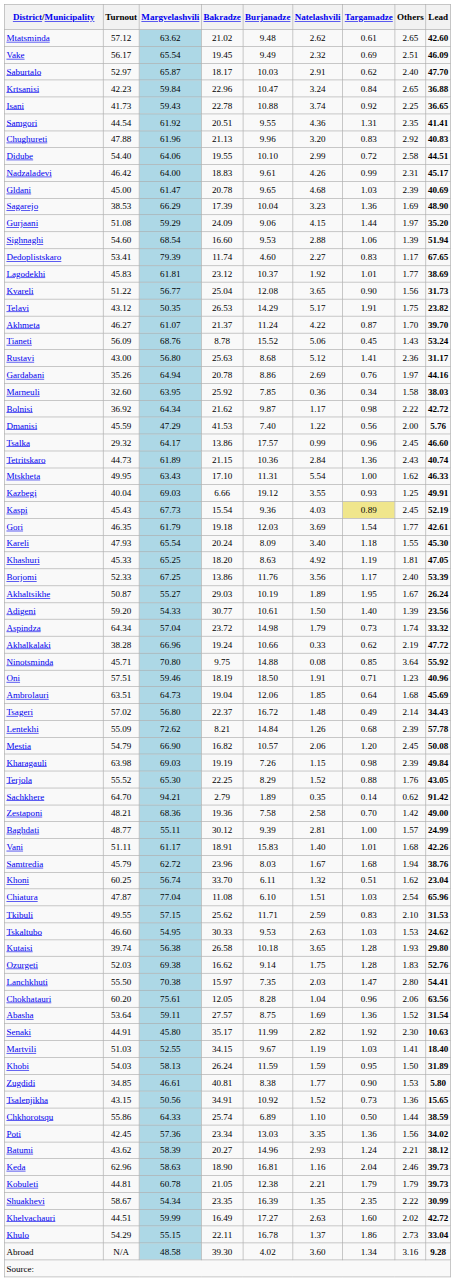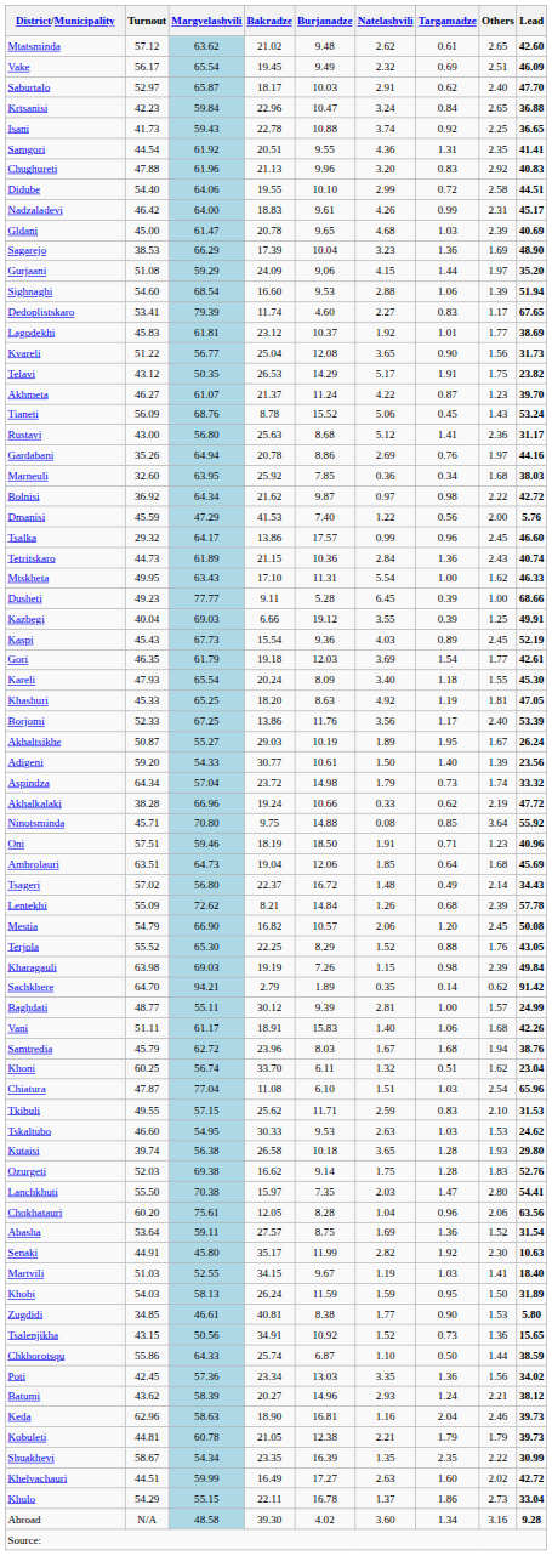 <table class="wikitable sortable" style="text-align:center;font-size:90%;line-height:20px">
 <tr style="height:40px;">
 <th style="width:150px;"><a href='#'>District</a>/<a href='#'>Municipality</a></th>
 <th style="width:40px;">Turnout</th>
 <th style="width:40px;"><a href='#'>Margvelashvili</a></th>
 <th style="width:40px;"><a href='#'>Bakradze</a></th>
 <th style="width:40px;"><a href='#'>Burjanadze</a></th>
 <th style="width:40px;"><a href='#'>Natelashvili</a></th>
 <th style="width:40px;"><a href='#'>Targamadze</a></th>
 <th style="width:40px;">Others</th>
 <th style="width:30px;">Lead</th>
 </tr>
 <tr>
 <td align="left"><a href='#'>Mtatsminda</a></td>
 <td>57.12</td>
 <td style="background:#ADD8E6;">63.62</td>
 <td>21.02</td>
 <td>9.48</td>
 <td>2.62</td>
 <td>0.61</td>
 <td>2.65</td>
 <td style="background:"><strong>42.60</strong></td>
 </tr>
 <tr>
 <td align="left"><a href='#'>Vake</a></td>
 <td>56.17</td>
 <td style="background:#ADD8E6;">65.54</td>
 <td>19.45</td>
 <td>9.49</td>
 <td>2.32</td>
 <td>0.69</td>
 <td>2.51</td>
 <td style="background:"><strong>46.09</strong></td>
 </tr>
 <tr>
 <td align="left"><a href='#'>Saburtalo</a></td>
 <td>52.97</td>
 <td style="background:#ADD8E6;">65.87</td>
 <td>18.17</td>
 <td>10.03</td>
 <td>2.91</td>
 <td>0.62</td>
 <td>2.40</td>
 <td style="background:"><strong>47.70</strong></td>
 </tr>
 <tr>
 <td align="left"><a href='#'>Krtsanisi</a></td>
 <td>42.23</td>
 <td style="background:#ADD8E6;">59.84</td>
 <td>22.96</td>
 <td>10.47</td>
 <td>3.24</td>
 <td>0.84</td>
 <td>2.65</td>
 <td style="background:"><strong>36.88</strong></td>
 </tr>
 <tr>
 <td align="left"><a href='#'>Isani</a></td>
 <td>41.73</td>
 <td style="background:#ADD8E6;">59.43</td>
 <td>22.78</td>
 <td>10.88</td>
 <td>3.74</td>
 <td>0.92</td>
 <td>2.25</td>
 <td style="background:"><strong>36.65</strong></td>
 </tr>
 <tr>
 <td align="left"><a href='#'>Samgori</a></td>
 <td>44.54</td>
 <td style="background:#ADD8E6;">61.92</td>
 <td>20.51</td>
 <td>9.55</td>
 <td>4.36</td>
 <td>1.31</td>
 <td>2.35</td>
 <td style="background:"><strong>41.41</strong></td>
 </tr>
 <tr>
 <td align="left"><a href='#'>Chughureti</a></td>
 <td>47.88</td>
 <td style="background:#ADD8E6;">61.96</td>
 <td>21.13</td>
 <td>9.96</td>
 <td>3.20</td>
 <td>0.83</td>
 <td>2.92</td>
 <td style="background:"><strong>40.83</strong></td>
 </tr>
 <tr>
 <td align="left"><a href='#'>Didube</a></td>
 <td>54.40</td>
 <td style="background:#ADD8E6;">64.06</td>
 <td>19.55</td>
 <td>10.10</td>
 <td>2.99</td>
 <td>0.72</td>
 <td>2.58</td>
 <td style="background:"><strong>44.51</strong></td>
 </tr>
 <tr>
 <td align="left"><a href='#'>Nadzaladevi</a></td>
 <td>46.42</td>
 <td style="background:#ADD8E6;">64.00</td>
 <td>18.83</td>
 <td>9.61</td>
 <td>4.26</td>
 <td>0.99</td>
 <td>2.31</td>
 <td style="background:"><strong>45.17</strong></td>
 </tr>
 <tr>
 <td align="left"><a href='#'>Gldani</a></td>
 <td>45.00</td>
 <td style="background:#ADD8E6;">61.47</td>
 <td>20.78</td>
 <td>9.65</td>
 <td>4.68</td>
 <td>1.03</td>
 <td>2.39</td>
 <td style="background:"><strong>40.69</strong></td>
 </tr>
 <tr>
 <td align="left"><a href='#'>Sagarejo</a></td>
 <td>38.53</td>
 <td style="background:#ADD8E6;">66.29</td>
 <td>17.39</td>
 <td>10.04</td>
 <td>3.23</td>
 <td>1.36</td>
 <td>1.69</td>
 <td style="background:"><strong>48.90</strong></td>
 </tr>
 <tr>
 <td align="left"><a href='#'>Gurjaani</a></td>
 <td>51.08</td>
 <td style="background:#ADD8E6;">59.29</td>
 <td>24.09</td>
 <td>9.06</td>
 <td>4.15</td>
 <td>1.44</td>
 <td>1.97</td>
 <td style="background:"><strong>35.20</strong></td>
 </tr>
 <tr>
 <td align="left"><a href='#'>Sighnaghi</a></td>
 <td>54.60</td>
 <td style="background:#ADD8E6;">68.54</td>
 <td>16.60</td>
 <td>9.53</td>
 <td>2.88</td>
 <td>1.06</td>
 <td>1.39</td>
 <td style="background:"><strong>51.94</strong></td>
 </tr>
 <tr>
 <td align="left"><a href='#'>Dedoplistskaro</a></td>
 <td>53.41</td>
 <td style="background:#ADD8E6;">79.39</td>
 <td>11.74</td>
 <td>4.60</td>
 <td>2.27</td>
 <td>0.83</td>
 <td>1.17</td>
 <td style="background:"><strong>67.65</strong></td>
 </tr>
 <tr>
 <td align="left"><a href='#'>Lagodekhi</a></td>
 <td>45.83</td>
 <td style="background:#ADD8E6;">61.81</td>
 <td>23.12</td>
 <td>10.37</td>
 <td>1.92</td>
 <td>1.01</td>
 <td>1.77</td>
 <td style="background:"><strong>38.69</strong></td>
 </tr>
 <tr>
 <td align="left"><a href='#'>Kvareli</a></td>
 <td>51.22</td>
 <td style="background:#ADD8E6;">56.77</td>
 <td>25.04</td>
 <td>12.08</td>
 <td>3.65</td>
 <td>0.90</td>
 <td>1.56</td>
 <td style="background:"><strong>31.73</strong></td>
 </tr>
 <tr>
 <td align="left"><a href='#'>Telavi</a></td>
 <td>43.12</td>
 <td style="background:#ADD8E6;">50.35</td>
 <td>26.53</td>
 <td>14.29</td>
 <td>5.17</td>
 <td>1.91</td>
 <td>1.75</td>
 <td style="background:"><strong>23.82</strong></td>
 </tr>
 <tr>
 <td align="left"><a href='#'>Akhmeta</a></td>
 <td>46.27</td>
 <td style="background:#ADD8E6;">61.07</td>
 <td>21.37</td>
 <td>11.24</td>
 <td>4.22</td>
 <td>0.87</td>
-<td>1.70</td>
+<td>1.23</td>
 <td style="background:"><strong>39.70</strong></td>
 </tr>
 <tr>
 <td align="left"><a href='#'>Tianeti</a></td>
 <td>56.09</td>
 <td style="background:#ADD8E6;">68.76</td>
 <td>8.78</td>
 <td>15.52</td>
 <td>5.06</td>
 <td>0.45</td>
 <td>1.43</td>
 <td style="background:"><strong>53.24</strong></td>
 </tr>
 <tr>
 <td align="left"><a href='#'>Rustavi</a></td>
 <td>43.00</td>
 <td style="background:#ADD8E6;">56.80</td>
 <td>25.63</td>
 <td>8.68</td>
 <td>5.12</td>
 <td>1.41</td>
 <td>2.36</td>
 <td style="background:"><strong>31.17</strong></td>
 </tr>
 <tr>
 <td align="left"><a href='#'>Gardabani</a></td>
 <td>35.26</td>
 <td style="background:#ADD8E6;">64.94</td>
 <td>20.78</td>
 <td>8.86</td>
 <td>2.69</td>
 <td>0.76</td>
 <td>1.97</td>
 <td style="background:"><strong>44.16</strong></td>
 </tr>
 <tr>
 <td align="left"><a href='#'>Marneuli</a></td>
 <td>32.60</td>
 <td style="background:#ADD8E6;">63.95</td>
 <td>25.92</td>
 <td>7.85</td>
 <td>0.36</td>
 <td>0.34</td>
-<td>1.58</td>
+<td>1.68</td>
 <td style="background:"><strong>38.03</strong></td>
 </tr>
 <tr>
 <td align="left"><a href='#'>Bolnisi</a></td>
 <td>36.92</td>
 <td style="background:#ADD8E6;">64.34</td>
 <td>21.62</td>
 <td>9.87</td>
-<td>1.17</td>
+<td>0.97</td>
 <td>0.98</td>
 <td>2.22</td>
 <td style="background:"><strong>42.72</strong></td>
 </tr>
 <tr>
 <td align="left"><a href='#'>Dmanisi</a></td>
 <td>45.59</td>
 <td style="background:#ADD8E6;">47.29</td>
 <td>41.53</td>
 <td>7.40</td>
 <td>1.22</td>
 <td>0.56</td>
 <td>2.00</td>
 <td style="background:"><strong>5.76</strong></td>
 </tr>
 <tr>
 <td align="left"><a href='#'>Tsalka</a></td>
 <td>29.32</td>
 <td style="background:#ADD8E6;">64.17</td>
 <td>13.86</td>
 <td>17.57</td>
 <td>0.99</td>
 <td>0.96</td>
 <td>2.45</td>
 <td style="background:"><strong>46.60</strong></td>
 </tr>
 <tr>
 <td align="left"><a href='#'>Tetritskaro</a></td>
 <td>44.73</td>
 <td style="background:#ADD8E6;">61.89</td>
 <td>21.15</td>
 <td>10.36</td>
 <td>2.84</td>
 <td>1.36</td>
 <td>2.43</td>
 <td style="background:"><strong>40.74</strong></td>
 </tr>
 <tr>
 <td align="left"><a href='#'>Mtskheta</a></td>
 <td>49.95</td>
 <td style="background:#ADD8E6;">63.43</td>
 <td>17.10</td>
 <td>11.31</td>
 <td>5.54</td>
 <td>1.00</td>
 <td>1.62</td>
 <td style="background:"><strong>46.33</strong></td>
 </tr>
 <tr>
+<td align="left"><a href='#'>Dusheti</a></td>
+<td>49.23</td>
+<td style="background:#ADD8E6;">77.77</td>
+<td>9.11</td>
+<td>5.28</td>
+<td>6.45</td>
+<td>0.39</td>
+<td>1.00</td>
+<td style="background:"><strong>68.66</strong></td>
+</tr>
+<tr>
 <td align="left"><a href='#'>Kazbegi</a></td>
 <td>40.04</td>
 <td style="background:#ADD8E6;">69.03</td>
 <td>6.66</td>
 <td>19.12</td>
 <td>3.55</td>
-<td>0.93</td>
+<td>0.39</td>
 <td>1.25</td>
 <td style="background:"><strong>49.91</strong></td>
 </tr>
 <tr>
 <td align="left"><a href='#'>Kaspi</a></td>
 <td>45.43</td>
 <td style="background:#ADD8E6;">67.73</td>
 <td>15.54</td>
 <td>9.36</td>
 <td>4.03</td>
-<td style="background: khaki;">0.89</td>
+<td>0.89</td>
 <td>2.45</td>
 <td style="background:"><strong>52.19</strong></td>
 </tr>
 <tr>
 <td align="left"><a href='#'>Gori</a></td>
 <td>46.35</td>
 <td style="background:#ADD8E6;">61.79</td>
 <td>19.18</td>
 <td>12.03</td>
 <td>3.69</td>
 <td>1.54</td>
 <td>1.77</td>
 <td style="background:"><strong>42.61</strong></td>
 </tr>
 <tr>
 <td align="left"><a href='#'>Kareli</a></td>
 <td>47.93</td>
 <td style="background:#ADD8E6;">65.54</td>
 <td>20.24</td>
 <td>8.09</td>
 <td>3.40</td>
 <td>1.18</td>
 <td>1.55</td>
 <td style="background:"><strong>45.30</strong></td>
 </tr>
 <tr>
 <td align="left"><a href='#'>Khashuri</a></td>
 <td>45.33</td>
 <td style="background:#ADD8E6;">65.25</td>
 <td>18.20</td>
 <td>8.63</td>
 <td>4.92</td>
 <td>1.19</td>
 <td>1.81</td>
 <td style="background:"><strong>47.05</strong></td>
 </tr>
 <tr>
 <td align="left"><a href='#'>Borjomi</a></td>
 <td>52.33</td>
 <td style="background:#ADD8E6;">67.25</td>
 <td>13.86</td>
 <td>11.76</td>
 <td>3.56</td>
 <td>1.17</td>
 <td>2.40</td>
 <td style="background:"><strong>53.39</strong></td>
 </tr>
 <tr>
 <td align="left"><a href='#'>Akhaltsikhe</a></td>
 <td>50.87</td>
 <td style="background:#ADD8E6;">55.27</td>
 <td>29.03</td>
 <td>10.19</td>
 <td>1.89</td>
 <td>1.95</td>
 <td>1.67</td>
 <td style="background:"><strong>26.24</strong></td>
 </tr>
 <tr>
 <td align="left"><a href='#'>Adigeni</a></td>
 <td>59.20</td>
 <td style="background:#ADD8E6;">54.33</td>
 <td>30.77</td>
 <td>10.61</td>
 <td>1.50</td>
 <td>1.40</td>
 <td>1.39</td>
 <td style="background:"><strong>23.56</strong></td>
 </tr>
 <tr>
 <td align="left"><a href='#'>Aspindza</a></td>
 <td>64.34</td>
 <td style="background:#ADD8E6;">57.04</td>
 <td>23.72</td>
 <td>14.98</td>
 <td>1.79</td>
 <td>0.73</td>
 <td>1.74</td>
 <td style="background:"><strong>33.32</strong></td>
 </tr>
 <tr>
 <td align="left"><a href='#'>Akhalkalaki</a></td>
 <td>38.28</td>
 <td style="background:#ADD8E6;">66.96</td>
 <td>19.24</td>
 <td>10.66</td>
 <td>0.33</td>
 <td>0.62</td>
 <td>2.19</td>
 <td style="background:"><strong>47.72</strong></td>
 </tr>
 <tr>
 <td align="left"><a href='#'>Ninotsminda</a></td>
 <td>45.71</td>
 <td style="background:#ADD8E6;">70.80</td>
 <td>9.75</td>
 <td>14.88</td>
 <td>0.08</td>
 <td>0.85</td>
 <td>3.64</td>
 <td style="background:"><strong>55.92</strong></td>
 </tr>
 <tr>
 <td align="left"><a href='#'>Oni</a></td>
 <td>57.51</td>
 <td style="background:#ADD8E6;">59.46</td>
 <td>18.19</td>
 <td>18.50</td>
 <td>1.91</td>
 <td>0.71</td>
 <td>1.23</td>
 <td style="background:"><strong>40.96</strong></td>
 </tr>
 <tr>
 <td align="left"><a href='#'>Ambrolauri</a></td>
 <td>63.51</td>
 <td style="background:#ADD8E6;">64.73</td>
 <td>19.04</td>
 <td>12.06</td>
 <td>1.85</td>
 <td>0.64</td>
 <td>1.68</td>
 <td style="background:"><strong>45.69</strong></td>
 </tr>
 <tr>
 <td align="left"><a href='#'>Tsageri</a></td>
 <td>57.02</td>
 <td style="background:#ADD8E6;">56.80</td>
 <td>22.37</td>
 <td>16.72</td>
 <td>1.48</td>
 <td>0.49</td>
 <td>2.14</td>
 <td style="background:"><strong>34.43</strong></td>
 </tr>
 <tr>
 <td align="left"><a href='#'>Lentekhi</a></td>
 <td>55.09</td>
 <td style="background:#ADD8E6;">72.62</td>
 <td>8.21</td>
 <td>14.84</td>
 <td>1.26</td>
 <td>0.68</td>
 <td>2.39</td>
 <td style="background:"><strong>57.78</strong></td>
 </tr>
 <tr>
 <td align="left"><a href='#'>Mestia</a></td>
 <td>54.79</td>
 <td style="background:#ADD8E6;">66.90</td>
 <td>16.82</td>
 <td>10.57</td>
 <td>2.06</td>
 <td>1.20</td>
 <td>2.45</td>
 <td style="background:"><strong>50.08</strong></td>
 </tr>
 <tr>
+<td align="left"><a href='#'>Terjola</a></td>
+<td>55.52</td>
+<td style="background:#ADD8E6;">65.30</td>
+<td>22.25</td>
+<td>8.29</td>
+<td>1.52</td>
+<td>0.88</td>
+<td>1.76</td>
+<td style="background:"><strong>43.05</strong></td>
+</tr>
+<tr>
 <td align="left"><a href='#'>Kharagauli</a></td>
 <td>63.98</td>
 <td style="background:#ADD8E6;">69.03</td>
 <td>19.19</td>
 <td>7.26</td>
 <td>1.15</td>
 <td>0.98</td>
 <td>2.39</td>
 <td style="background:"><strong>49.84</strong></td>
 </tr>
 <tr>
-<td align="left"><a href='#'>Terjola</a></td>
-<td>55.52</td>
-<td style="background:#ADD8E6;">65.30</td>
-<td>22.25</td>
-<td>8.29</td>
-<td>1.52</td>
-<td>0.88</td>
-<td>1.76</td>
-<td style="background:"><strong>43.05</strong></td>
-</tr>
-<tr>
 <td align="left"><a href='#'>Sachkhere</a></td>
 <td>64.70</td>
 <td style="background:#ADD8E6;">94.21</td>
 <td>2.79</td>
 <td>1.89</td>
 <td>0.35</td>
 <td>0.14</td>
 <td>0.62</td>
 <td style="background:"><strong>91.42</strong></td>
-</tr>
-<tr>
-<td align="left"><a href='#'>Zestaponi</a></td>
-<td>48.21</td>
-<td style="background:#ADD8E6;">68.36</td>
-<td>19.36</td>
-<td>7.58</td>
-<td>2.58</td>
-<td>0.70</td>
-<td>1.42</td>
-<td style="background:"><strong>49.00</strong></td>
 </tr>
 <tr>
 <td align="left"><a href='#'>Baghdati</a></td>
 <td>48.77</td>
 <td style="background:#ADD8E6;">55.11</td>
 <td>30.12</td>
 <td>9.39</td>
 <td>2.81</td>
 <td>1.00</td>
 <td>1.57</td>
 <td style="background:"><strong>24.99</strong></td>
 </tr>
 <tr>
 <td align="left"><a href='#'>Vani</a></td>
 <td>51.11</td>
 <td style="background:#ADD8E6;">61.17</td>
 <td>18.91</td>
 <td>15.83</td>
 <td>1.40</td>
-<td>1.01</td>
+<td>1.06</td>
 <td>1.68</td>
 <td style="background:"><strong>42.26</strong></td>
 </tr>
 <tr>
 <td align="left"><a href='#'>Samtredia</a></td>
 <td>45.79</td>
 <td style="background:#ADD8E6;">62.72</td>
 <td>23.96</td>
 <td>8.03</td>
 <td>1.67</td>
 <td>1.68</td>
 <td>1.94</td>
 <td style="background:"><strong>38.76</strong></td>
 </tr>
 <tr>
 <td align="left"><a href='#'>Khoni</a></td>
 <td>60.25</td>
 <td style="background:#ADD8E6;">56.74</td>
 <td>33.70</td>
 <td>6.11</td>
 <td>1.32</td>
 <td>0.51</td>
 <td>1.62</td>
 <td style="background:"><strong>23.04</strong></td>
 </tr>
 <tr>
 <td align="left"><a href='#'>Chiatura</a></td>
 <td>47.87</td>
 <td style="background:#ADD8E6;">77.04</td>
 <td>11.08</td>
 <td>6.10</td>
 <td>1.51</td>
 <td>1.03</td>
 <td>2.54</td>
 <td style="background:"><strong>65.96</strong></td>
 </tr>
 <tr>
 <td align="left"><a href='#'>Tkibuli</a></td>
 <td>49.55</td>
 <td style="background:#ADD8E6;">57.15</td>
 <td>25.62</td>
 <td>11.71</td>
 <td>2.59</td>
 <td>0.83</td>
 <td>2.10</td>
 <td style="background:"><strong>31.53</strong></td>
 </tr>
 <tr>
 <td align="left"><a href='#'>Tskaltubo</a></td>
 <td>46.60</td>
 <td style="background:#ADD8E6;">54.95</td>
 <td>30.33</td>
 <td>9.53</td>
 <td>2.63</td>
 <td>1.03</td>
 <td>1.53</td>
 <td style="background:"><strong>24.62</strong></td>
 </tr>
 <tr>
 <td align="left"><a href='#'>Kutaisi</a></td>
 <td>39.74</td>
 <td style="background:#ADD8E6;">56.38</td>
 <td>26.58</td>
 <td>10.18</td>
 <td>3.65</td>
 <td>1.28</td>
 <td>1.93</td>
 <td style="background:"><strong>29.80</strong></td>
 </tr>
 <tr>
 <td align="left"><a href='#'>Ozurgeti</a></td>
 <td>52.03</td>
 <td style="background:#ADD8E6;">69.38</td>
 <td>16.62</td>
 <td>9.14</td>
 <td>1.75</td>
 <td>1.28</td>
 <td>1.83</td>
 <td style="background:"><strong>52.76</strong></td>
 </tr>
 <tr>
 <td align="left"><a href='#'>Lanchkhuti</a></td>
 <td>55.50</td>
 <td style="background:#ADD8E6;">70.38</td>
 <td>15.97</td>
 <td>7.35</td>
 <td>2.03</td>
 <td>1.47</td>
 <td>2.80</td>
 <td style="background:"><strong>54.41</strong></td>
 </tr>
 <tr>
 <td align="left"><a href='#'>Chokhatauri</a></td>
 <td>60.20</td>
 <td style="background:#ADD8E6;">75.61</td>
 <td>12.05</td>
 <td>8.28</td>
 <td>1.04</td>
 <td>0.96</td>
 <td>2.06</td>
 <td style="background:"><strong>63.56</strong></td>
 </tr>
 <tr>
 <td align="left"><a href='#'>Abasha</a></td>
 <td>53.64</td>
 <td style="background:#ADD8E6;">59.11</td>
 <td>27.57</td>
 <td>8.75</td>
 <td>1.69</td>
 <td>1.36</td>
 <td>1.52</td>
 <td style="background:"><strong>31.54</strong></td>
 </tr>
 <tr>
 <td align="left"><a href='#'>Senaki</a></td>
 <td>44.91</td>
 <td style="background:#ADD8E6;">45.80</td>
 <td>35.17</td>
 <td>11.99</td>
 <td>2.82</td>
 <td>1.92</td>
 <td>2.30</td>
 <td style="background:"><strong>10.63</strong></td>
 </tr>
 <tr>
 <td align="left"><a href='#'>Martvili</a></td>
 <td>51.03</td>
 <td style="background:#ADD8E6;">52.55</td>
 <td>34.15</td>
 <td>9.67</td>
 <td>1.19</td>
 <td>1.03</td>
 <td>1.41</td>
 <td style="background:"><strong>18.40</strong></td>
 </tr>
 <tr>
 <td align="left"><a href='#'>Khobi</a></td>
 <td>54.03</td>
 <td style="background:#ADD8E6;">58.13</td>
 <td>26.24</td>
 <td>11.59</td>
 <td>1.59</td>
 <td>0.95</td>
 <td>1.50</td>
 <td style="background:"><strong>31.89</strong></td>
 </tr>
 <tr>
 <td align="left"><a href='#'>Zugdidi</a></td>
 <td>34.85</td>
 <td style="background:#ADD8E6;">46.61</td>
 <td>40.81</td>
 <td>8.38</td>
 <td>1.77</td>
 <td>0.90</td>
 <td>1.53</td>
 <td style="background:"><strong>5.80</strong></td>
 </tr>
 <tr>
 <td align="left"><a href='#'>Tsalenjikha</a></td>
 <td>43.15</td>
 <td style="background:#ADD8E6;">50.56</td>
 <td>34.91</td>
 <td>10.92</td>
 <td>1.52</td>
 <td>0.73</td>
 <td>1.36</td>
 <td style="background:"><strong>15.65</strong></td>
 </tr>
 <tr>
 <td align="left"><a href='#'>Chkhorotsqu</a></td>
 <td>55.86</td>
 <td style="background:#ADD8E6;">64.33</td>
 <td>25.74</td>
-<td>6.89</td>
+<td>6.87</td>
 <td>1.10</td>
 <td>0.50</td>
 <td>1.44</td>
 <td style="background:"><strong>38.59</strong></td>
 </tr>
 <tr>
 <td align="left"><a href='#'>Poti</a></td>
 <td>42.45</td>
 <td style="background:#ADD8E6;">57.36</td>
 <td>23.34</td>
 <td>13.03</td>
 <td>3.35</td>
 <td>1.36</td>
 <td>1.56</td>
 <td style="background:"><strong>34.02</strong></td>
 </tr>
 <tr>
 <td align="left"><a href='#'>Batumi</a></td>
 <td>43.62</td>
 <td style="background:#ADD8E6;">58.39</td>
 <td>20.27</td>
 <td>14.96</td>
 <td>2.93</td>
 <td>1.24</td>
 <td>2.21</td>
 <td style="background:"><strong>38.12</strong></td>
 </tr>
 <tr>
 <td align="left"><a href='#'>Keda</a></td>
 <td>62.96</td>
 <td style="background:#ADD8E6;">58.63</td>
 <td>18.90</td>
 <td>16.81</td>
 <td>1.16</td>
 <td>2.04</td>
 <td>2.46</td>
 <td style="background:"><strong>39.73</strong></td>
 </tr>
 <tr>
 <td align="left"><a href='#'>Kobuleti</a></td>
 <td>44.81</td>
 <td style="background:#ADD8E6;">60.78</td>
 <td>21.05</td>
 <td>12.38</td>
 <td>2.21</td>
 <td>1.79</td>
 <td>1.79</td>
 <td style="background:"><strong>39.73</strong></td>
 </tr>
 <tr>
 <td align="left"><a href='#'>Shuakhevi</a></td>
 <td>58.67</td>
 <td style="background:#ADD8E6;">54.34</td>
 <td>23.35</td>
 <td>16.39</td>
 <td>1.35</td>
 <td>2.35</td>
 <td>2.22</td>
 <td style="background:"><strong>30.99</strong></td>
 </tr>
 <tr>
 <td align="left"><a href='#'>Khelvachauri</a></td>
 <td>44.51</td>
 <td style="background:#ADD8E6;">59.99</td>
 <td>16.49</td>
 <td>17.27</td>
 <td>2.63</td>
 <td>1.60</td>
 <td>2.02</td>
 <td style="background:"><strong>42.72</strong></td>
 </tr>
 <tr>
 <td align="left"><a href='#'>Khulo</a></td>
 <td>54.29</td>
 <td style="background:#ADD8E6;">55.15</td>
 <td>22.11</td>
 <td>16.78</td>
 <td>1.37</td>
 <td>1.86</td>
 <td>2.73</td>
 <td style="background:"><strong>33.04</strong></td>
 </tr>
 <tr>
 <td align="left">Abroad</td>
 <td>N/A</td>
 <td style="background:#ADD8E6;">48.58</td>
 <td>39.30</td>
 <td>4.02</td>
 <td>3.60</td>
 <td>1.34</td>
 <td>3.16</td>
 <td style="background:"><strong>9.28</strong></td>
 </tr>
 <tr>
 <td align=left colspan=9>Source:  </td>
 </tr>
 </table>
